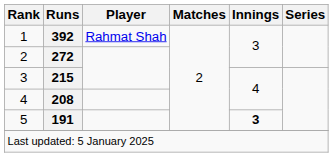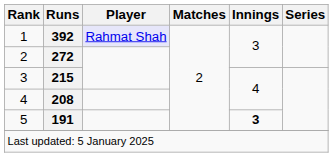 <table class="wikitable plainrowheaders sortable">
 <tr>
 <th scope=col>Rank</th>
 <th scope=col>Runs</th>
 <th scope=col>Player</th>
 <th scope=col>Matches</th>
 <th scope=col>Innings</th>
 <th scope=col>Series</th>
 </tr>
 <tr>
 <td align=center>1</td>
 <th scope=row style=text-align:center;>392</th>
-<td><a href='#'>Rahmat Shah</a></td>
+<td style="background: lavender;"><a href='#'>Rahmat Shah</a></td>
 <td align=center rowspan=5>2</td>
 <td align=center rowspan=2>3</td>
 <td rowspan=2></td>
 </tr>
 <tr>
 <td align=center>2</td>
 <th scope=row style=text-align:center;>272</th>
 <td rowspan=2></td>
 </tr>
 <tr>
 <td align=center>3</td>
 <th scope=row style=text-align:center;>215</th>
 <td align=center rowspan=2>4</td>
 <td rowspan=3></td>
 </tr>
 <tr>
 <td align=center>4</td>
 <th scope=row style=text-align:center;>208</th>
 <td></td>
 </tr>
 <tr>
 <td align=center>5</td>
 <th scope=row style=text-align:center;>191</th>
 <td></td>
 <td align=center><strong>3</strong></td>
 </tr>
 <tr>
 </tr>
 <tr class=sortbottom>
 <td colspan=6><small>Last updated: 5 January 2025</small></td>
 </tr>
 </table>
